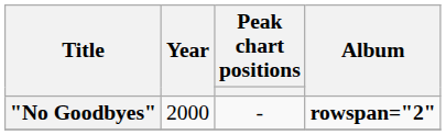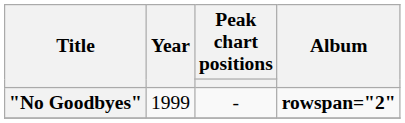 <table class="wikitable plainrowheaders" style="text-align:center;">
 <tr>
 <th scope="col" rowspan="2">Title</th>
 <th scope="col" rowspan="2">Year</th>
 <th scope="col" colspan="1">Peak chart positions</th>
 <th scope="col" rowspan="2">Album</th>
 </tr>
 <tr>
 <th scope="col" style="width:3em;font-size:85%;"></th>
 </tr>
 <tr>
 <th scope="row">"No Goodbyes"</th>
-<td>2000</td>
+<td>1999</td>
 <td>-</td>
 <td><strong>rowspan="2" </strong></td>
 </tr>
 <tr>
 </tr>
 </table>
